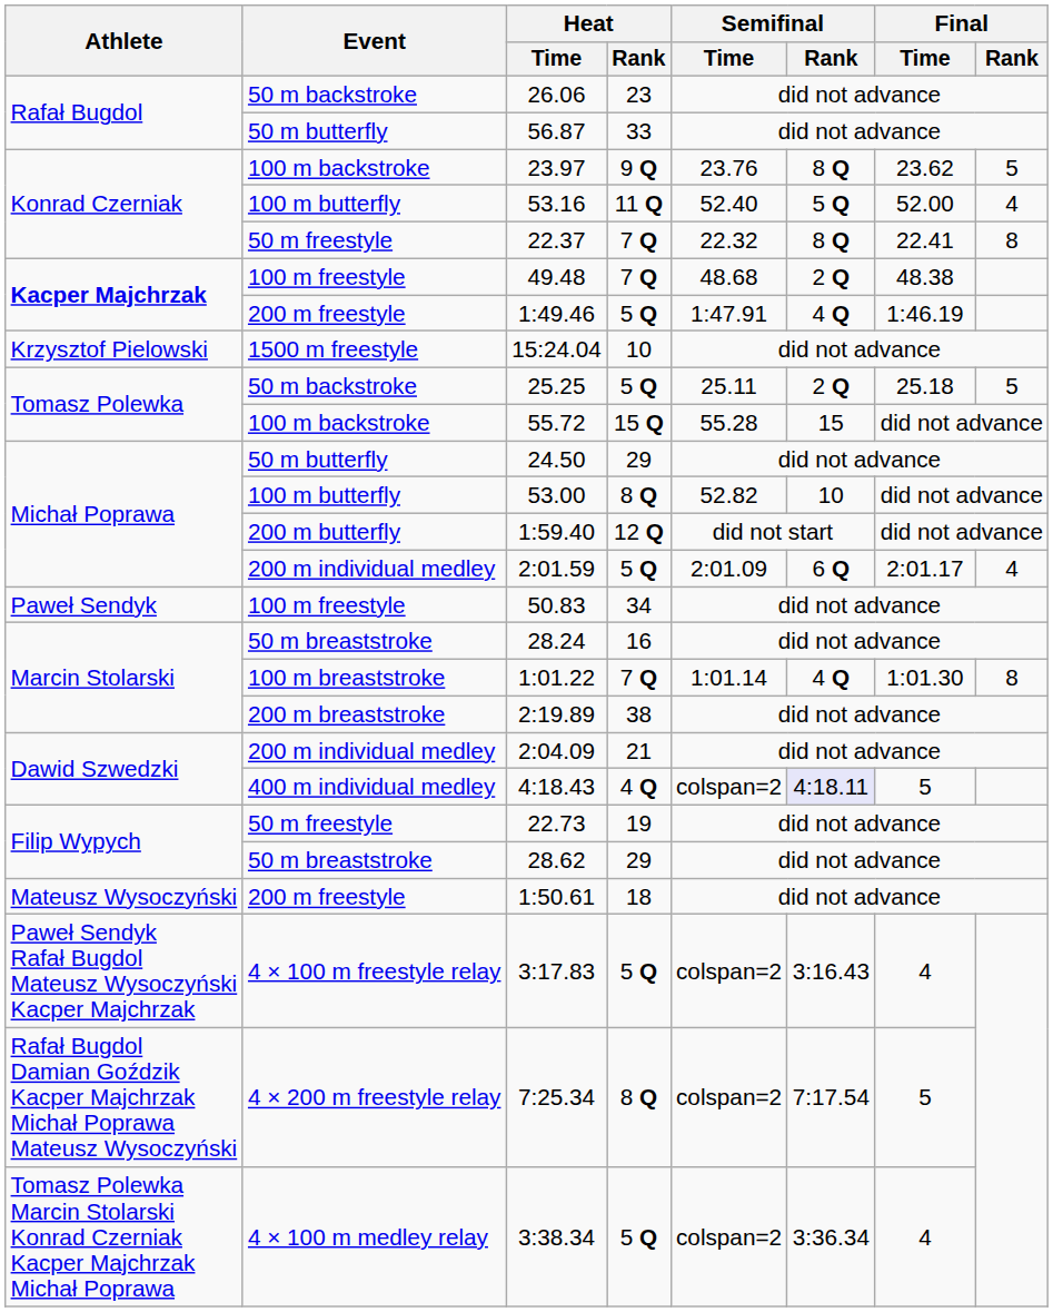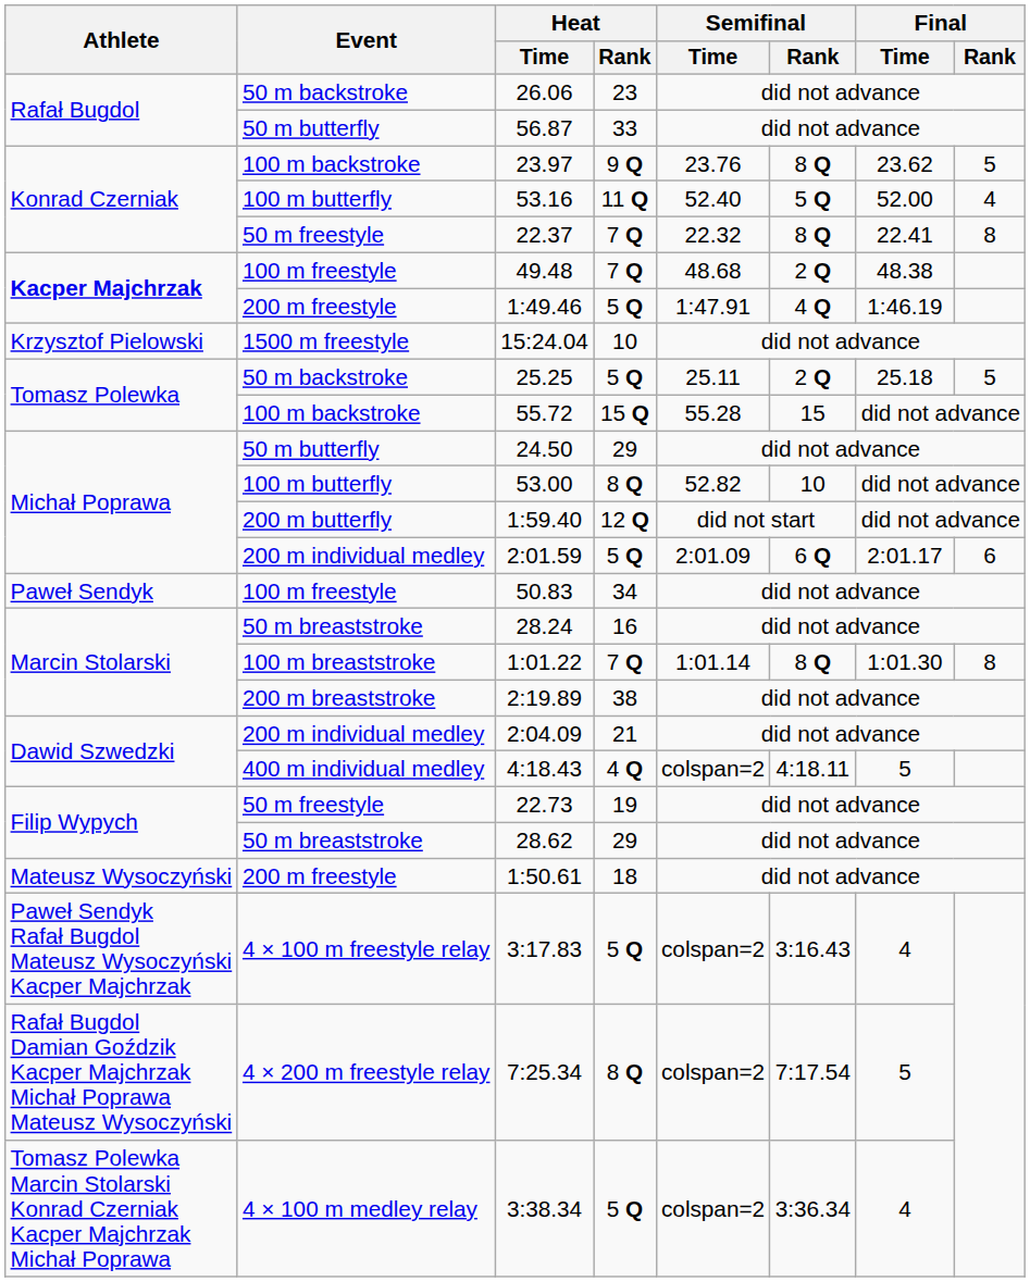 <table class=wikitable style="font-size:90%">
 <tr>
 <th rowspan="2">Athlete</th>
 <th rowspan="2">Event</th>
 <th colspan="2">Heat</th>
 <th colspan="2">Semifinal</th>
 <th colspan="2">Final</th>
 </tr>
 <tr style="font-size:95%">
 <th>Time</th>
 <th>Rank</th>
 <th>Time</th>
 <th>Rank</th>
 <th>Time</th>
 <th>Rank</th>
 </tr>
 <tr align=center>
 <td rowspan=2 align=left><a href='#'>Rafał Bugdol</a></td>
 <td align=left><a href='#'>50 m backstroke</a></td>
 <td>26.06</td>
 <td>23</td>
 <td colspan=4>did not advance</td>
 </tr>
 <tr align=center>
 <td align=left><a href='#'>50 m butterfly</a></td>
 <td>56.87</td>
 <td>33</td>
 <td colspan=4>did not advance</td>
 </tr>
 <tr align=center>
 <td align=left rowspan=3><a href='#'>Konrad Czerniak</a></td>
 <td align=left><a href='#'>100 m backstroke</a></td>
 <td>23.97</td>
 <td>9 <strong>Q</strong></td>
 <td>23.76</td>
 <td>8 <strong>Q</strong></td>
 <td>23.62</td>
 <td>5</td>
 </tr>
 <tr align=center>
 <td align=left><a href='#'>100 m butterfly</a></td>
 <td>53.16</td>
 <td>11 <strong>Q</strong></td>
 <td>52.40</td>
 <td>5 <strong>Q</strong></td>
 <td>52.00</td>
 <td>4</td>
 </tr>
 <tr align=center>
 <td align=left><a href='#'>50 m freestyle</a></td>
 <td>22.37</td>
 <td>7 <strong>Q</strong></td>
 <td>22.32</td>
 <td>8 <strong>Q</strong></td>
 <td>22.41</td>
 <td>8</td>
 </tr>
 <tr align=center>
 <td rowspan=2 align=left><strong><a href='#'>Kacper Majchrzak</a></strong></td>
 <td align=left><a href='#'>100 m freestyle</a></td>
 <td>49.48</td>
 <td>7 <strong>Q</strong></td>
 <td>48.68</td>
 <td>2 <strong>Q</strong></td>
 <td>48.38</td>
 <td></td>
 </tr>
 <tr align=center>
 <td align=left><a href='#'>200 m freestyle</a></td>
 <td>1:49.46</td>
 <td>5 <strong>Q</strong></td>
 <td>1:47.91</td>
 <td>4 <strong>Q</strong></td>
 <td>1:46.19</td>
 <td></td>
 </tr>
 <tr align=center>
 <td align=left><a href='#'>Krzysztof Pielowski</a></td>
 <td align=left><a href='#'>1500 m freestyle</a></td>
 <td>15:24.04</td>
 <td>10</td>
 <td colspan=4>did not advance</td>
 </tr>
 <tr align=center>
 <td rowspan=2 align=left><a href='#'>Tomasz Polewka</a></td>
 <td align=left><a href='#'>50 m backstroke</a></td>
 <td>25.25</td>
 <td>5 <strong>Q</strong></td>
 <td>25.11</td>
 <td>2 <strong>Q</strong></td>
 <td>25.18</td>
 <td>5</td>
 </tr>
 <tr align=center>
 <td align=left><a href='#'>100 m backstroke</a></td>
 <td>55.72</td>
 <td>15 <strong>Q</strong></td>
 <td>55.28</td>
 <td>15</td>
 <td colspan=2>did not advance</td>
 </tr>
 <tr align=center>
 <td rowspan=4 align=left><a href='#'>Michał Poprawa</a></td>
 <td align=left><a href='#'>50 m butterfly</a></td>
 <td>24.50</td>
 <td>29</td>
 <td colspan=4>did not advance</td>
 </tr>
 <tr align=center>
 <td align=left><a href='#'>100 m butterfly</a></td>
 <td>53.00</td>
 <td>8 <strong>Q</strong></td>
 <td>52.82</td>
 <td>10</td>
 <td colspan=2>did not advance</td>
 </tr>
 <tr align=center>
 <td align=left><a href='#'>200 m butterfly</a></td>
 <td>1:59.40</td>
 <td>12 <strong>Q</strong></td>
 <td colspan=2>did not start</td>
 <td colspan=2>did not advance</td>
 </tr>
 <tr align=center>
 <td align=left><a href='#'>200 m individual medley</a></td>
 <td>2:01.59</td>
 <td>5 <strong>Q</strong></td>
 <td>2:01.09</td>
 <td>6 <strong>Q</strong></td>
 <td>2:01.17</td>
-<td>4</td>
+<td>6</td>
 </tr>
 <tr align=center>
 <td align=left><a href='#'>Paweł Sendyk</a></td>
 <td align=left><a href='#'>100 m freestyle</a></td>
 <td>50.83</td>
 <td>34</td>
 <td colspan=4>did not advance</td>
 </tr>
 <tr align=center>
 <td rowspan=3 align=left><a href='#'>Marcin Stolarski</a></td>
 <td align=left><a href='#'>50 m breaststroke</a></td>
 <td>28.24</td>
 <td>16</td>
 <td colspan=4>did not advance</td>
 </tr>
 <tr align=center>
 <td align=left><a href='#'>100 m breaststroke</a></td>
 <td>1:01.22</td>
 <td>7 <strong>Q</strong></td>
 <td>1:01.14</td>
-<td>4 <strong>Q</strong></td>
+<td>8 <strong>Q</strong></td>
 <td>1:01.30</td>
 <td>8</td>
 </tr>
 <tr align=center>
 <td align=left><a href='#'>200 m breaststroke</a></td>
 <td>2:19.89</td>
 <td>38</td>
 <td colspan=4>did not advance</td>
 </tr>
 <tr align=center>
 <td align=left rowspan=2><a href='#'>Dawid Szwedzki</a></td>
 <td align=left><a href='#'>200 m individual medley</a></td>
 <td>2:04.09</td>
 <td>21</td>
 <td colspan=4>did not advance</td>
 </tr>
 <tr align=center>
 <td align=left><a href='#'>400 m individual medley</a></td>
 <td>4:18.43</td>
 <td>4 <strong>Q</strong></td>
 <td>colspan=2 </td>
-<td style="background: lavender;">4:18.11</td>
+<td>4:18.11</td>
 <td>5</td>
 </tr>
 <tr align=center>
 <td rowspan=2 align=left><a href='#'>Filip Wypych</a></td>
 <td align=left><a href='#'>50 m freestyle</a></td>
 <td>22.73</td>
 <td>19</td>
 <td colspan=4>did not advance</td>
 </tr>
 <tr align=center>
 <td align=left><a href='#'>50 m breaststroke</a></td>
 <td>28.62</td>
 <td>29</td>
 <td colspan=4>did not advance</td>
 </tr>
 <tr align=center>
 <td align=left><a href='#'>Mateusz Wysoczyński</a></td>
 <td align=left><a href='#'>200 m freestyle</a></td>
 <td>1:50.61</td>
 <td>18</td>
 <td colspan=4>did not advance</td>
 </tr>
 <tr align=center>
 <td align=left><a href='#'>Paweł Sendyk</a><br><a href='#'>Rafał Bugdol</a><br><a href='#'>Mateusz Wysoczyński</a><br><a href='#'>Kacper Majchrzak</a></td>
 <td align=left><a href='#'>4 × 100 m freestyle relay</a></td>
 <td>3:17.83</td>
 <td>5 <strong>Q</strong></td>
 <td>colspan=2 </td>
 <td>3:16.43</td>
 <td>4</td>
 </tr>
 <tr align=center>
 <td align=left><a href='#'>Rafał Bugdol</a><br><a href='#'>Damian Goździk</a><br><a href='#'>Kacper Majchrzak</a><br><a href='#'>Michał Poprawa</a><br><a href='#'>Mateusz Wysoczyński</a></td>
 <td align=left><a href='#'>4 × 200 m freestyle relay</a></td>
 <td>7:25.34</td>
 <td>8 <strong>Q</strong></td>
 <td>colspan=2 </td>
 <td>7:17.54</td>
 <td>5</td>
 </tr>
 <tr align=center>
 <td align=left><a href='#'>Tomasz Polewka</a><br><a href='#'>Marcin Stolarski</a><br><a href='#'>Konrad Czerniak</a><br><a href='#'>Kacper Majchrzak</a><br><a href='#'>Michał Poprawa</a></td>
 <td align=left><a href='#'>4 × 100 m medley relay</a></td>
 <td>3:38.34</td>
 <td>5 <strong>Q</strong></td>
 <td>colspan=2 </td>
 <td>3:36.34</td>
 <td>4</td>
 </tr>
 </table>
